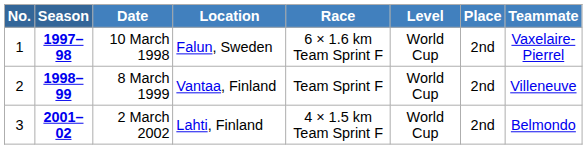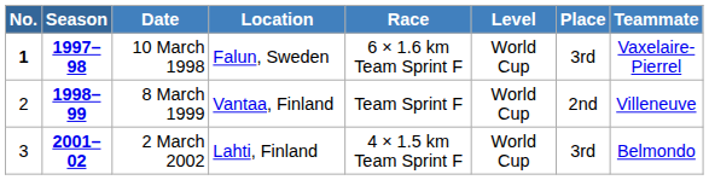 <table class="wikitable sortable" style="font-size:95%; text-align:center; border:grey solid 1px; border-collapse:collapse; background:#ffffff;">
 <tr style="background:#efefef;">
 <th style="background-color:#369; color:white;">No.</th>
 <th style="background-color:#369; color:white;">Season</th>
 <th style="background-color:#4180be; color:white; width:120px;">Date</th>
 <th style="background-color:#4180be; color:white; width:170px;">Location</th>
 <th style="background-color:#4180be; color:white; width:170px;">Race</th>
 <th style="background-color:#4180be; color:white; width:100px;">Level</th>
 <th style="background-color:#4180be; color:white;">Place</th>
 <th style="background-color:#4180be; color:white;">Teammate</th>
 </tr>
 <tr>
-<td align=center>1</td>
+<td align=center><strong>1</strong></td>
 <td rowspan=1 align=center><strong><a href='#'>1997–98</a></strong></td>
 <td align=right>10 March 1998</td>
 <td align=left> <a href='#'>Falun</a>, Sweden</td>
 <td>6 × 1.6 km Team Sprint F</td>
 <td>World Cup</td>
-<td>2nd</td>
+<td>3rd</td>
 <td><a href='#'>Vaxelaire-Pierrel</a></td>
 </tr>
 <tr>
 <td align=center>2</td>
 <td rowspan=1 align=center><strong><a href='#'>1998–99</a></strong></td>
 <td align=right>8 March 1999</td>
 <td align=left> <a href='#'>Vantaa</a>, Finland</td>
 <td>Team Sprint F</td>
 <td>World Cup</td>
 <td>2nd</td>
 <td><a href='#'>Villeneuve</a></td>
 </tr>
 <tr>
 <td align=center>3</td>
 <td rowspan=1 align=center><strong><a href='#'>2001–02</a></strong></td>
 <td align=right>2 March 2002</td>
 <td align=left> <a href='#'>Lahti</a>, Finland</td>
 <td>4 × 1.5 km Team Sprint F</td>
 <td>World Cup</td>
-<td>2nd</td>
+<td>3rd</td>
 <td><a href='#'>Belmondo</a></td>
 </tr>
 </table>
